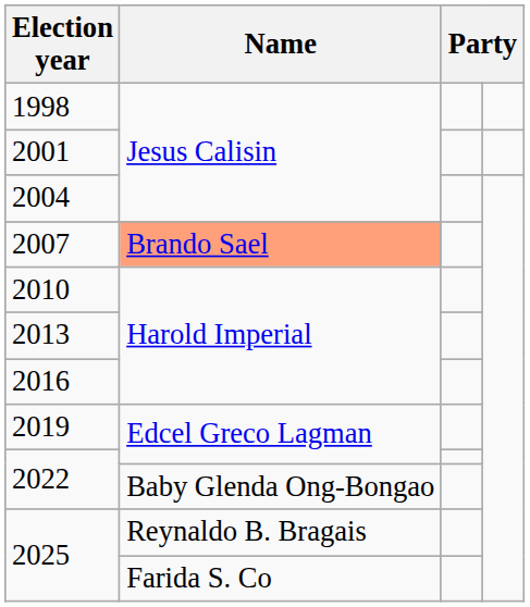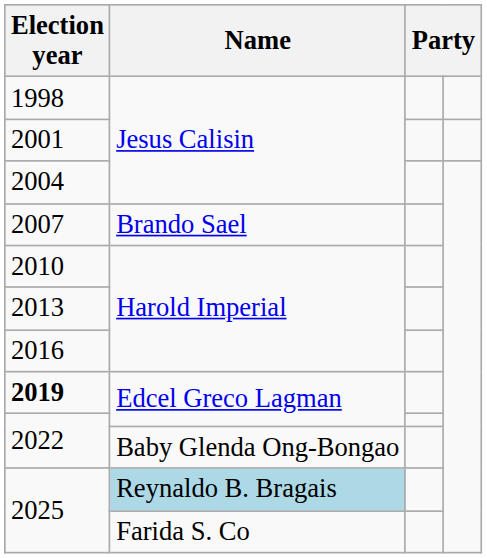 <table class=wikitable>
 <tr>
 <th>Election<br>year</th>
 <th>Name</th>
 <th colspan=2>Party</th>
 </tr>
 <tr>
 <td>1998</td>
 <td rowspan="3"><a href='#'>Jesus Calisin</a></td>
 <td></td>
 <td></td>
 </tr>
 <tr>
 <td>2001</td>
 <td></td>
 <td></td>
 </tr>
 <tr>
 <td>2004</td>
 <td></td>
 </tr>
 <tr>
 <td>2007</td>
-<td style="background: lightsalmon;"><a href='#'>Brando Sael</a></td>
+<td><a href='#'>Brando Sael</a></td>
 <td></td>
 </tr>
 <tr>
 <td>2010</td>
 <td rowspan=3><a href='#'>Harold Imperial</a></td>
 <td></td>
 </tr>
 <tr>
 <td>2013</td>
 <td></td>
 </tr>
 <tr>
 <td>2016</td>
 <td></td>
 </tr>
 <tr>
-<td>2019</td>
+<td><strong>2019</strong></td>
 <td rowspan=2><a href='#'>Edcel Greco Lagman</a></td>
 <td></td>
 </tr>
 <tr>
 <td rowspan="2">2022</td>
 <td></td>
 </tr>
 <tr>
 <td>Baby Glenda Ong-Bongao</td>
 <td></td>
 </tr>
 <tr>
 <td rowspan="2">2025</td>
-<td>Reynaldo B. Bragais</td>
+<td style="background: lightblue;">Reynaldo B. Bragais</td>
 <td></td>
 </tr>
 <tr>
 <td>Farida S. Co</td>
 <td></td>
 </tr>
 </table>
